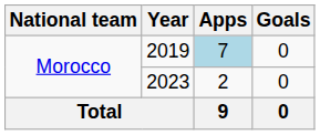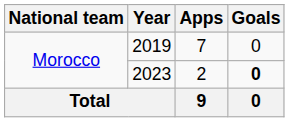 <table class="wikitable" style="text-align:center">
 <tr>
 <th>National team</th>
 <th>Year</th>
 <th>Apps</th>
 <th>Goals</th>
 </tr>
 <tr>
 <td rowspan="2"><a href='#'>Morocco</a></td>
 <td>2019</td>
-<td style="background: lightblue;">7</td>
+<td>7</td>
 <td>0</td>
 </tr>
 <tr>
 <td>2023</td>
 <td>2</td>
-<td>0</td>
+<td><strong>0</strong></td>
 </tr>
 <tr>
 <th colspan="2">Total</th>
 <th>9</th>
 <th>0</th>
 </tr>
 </table>
